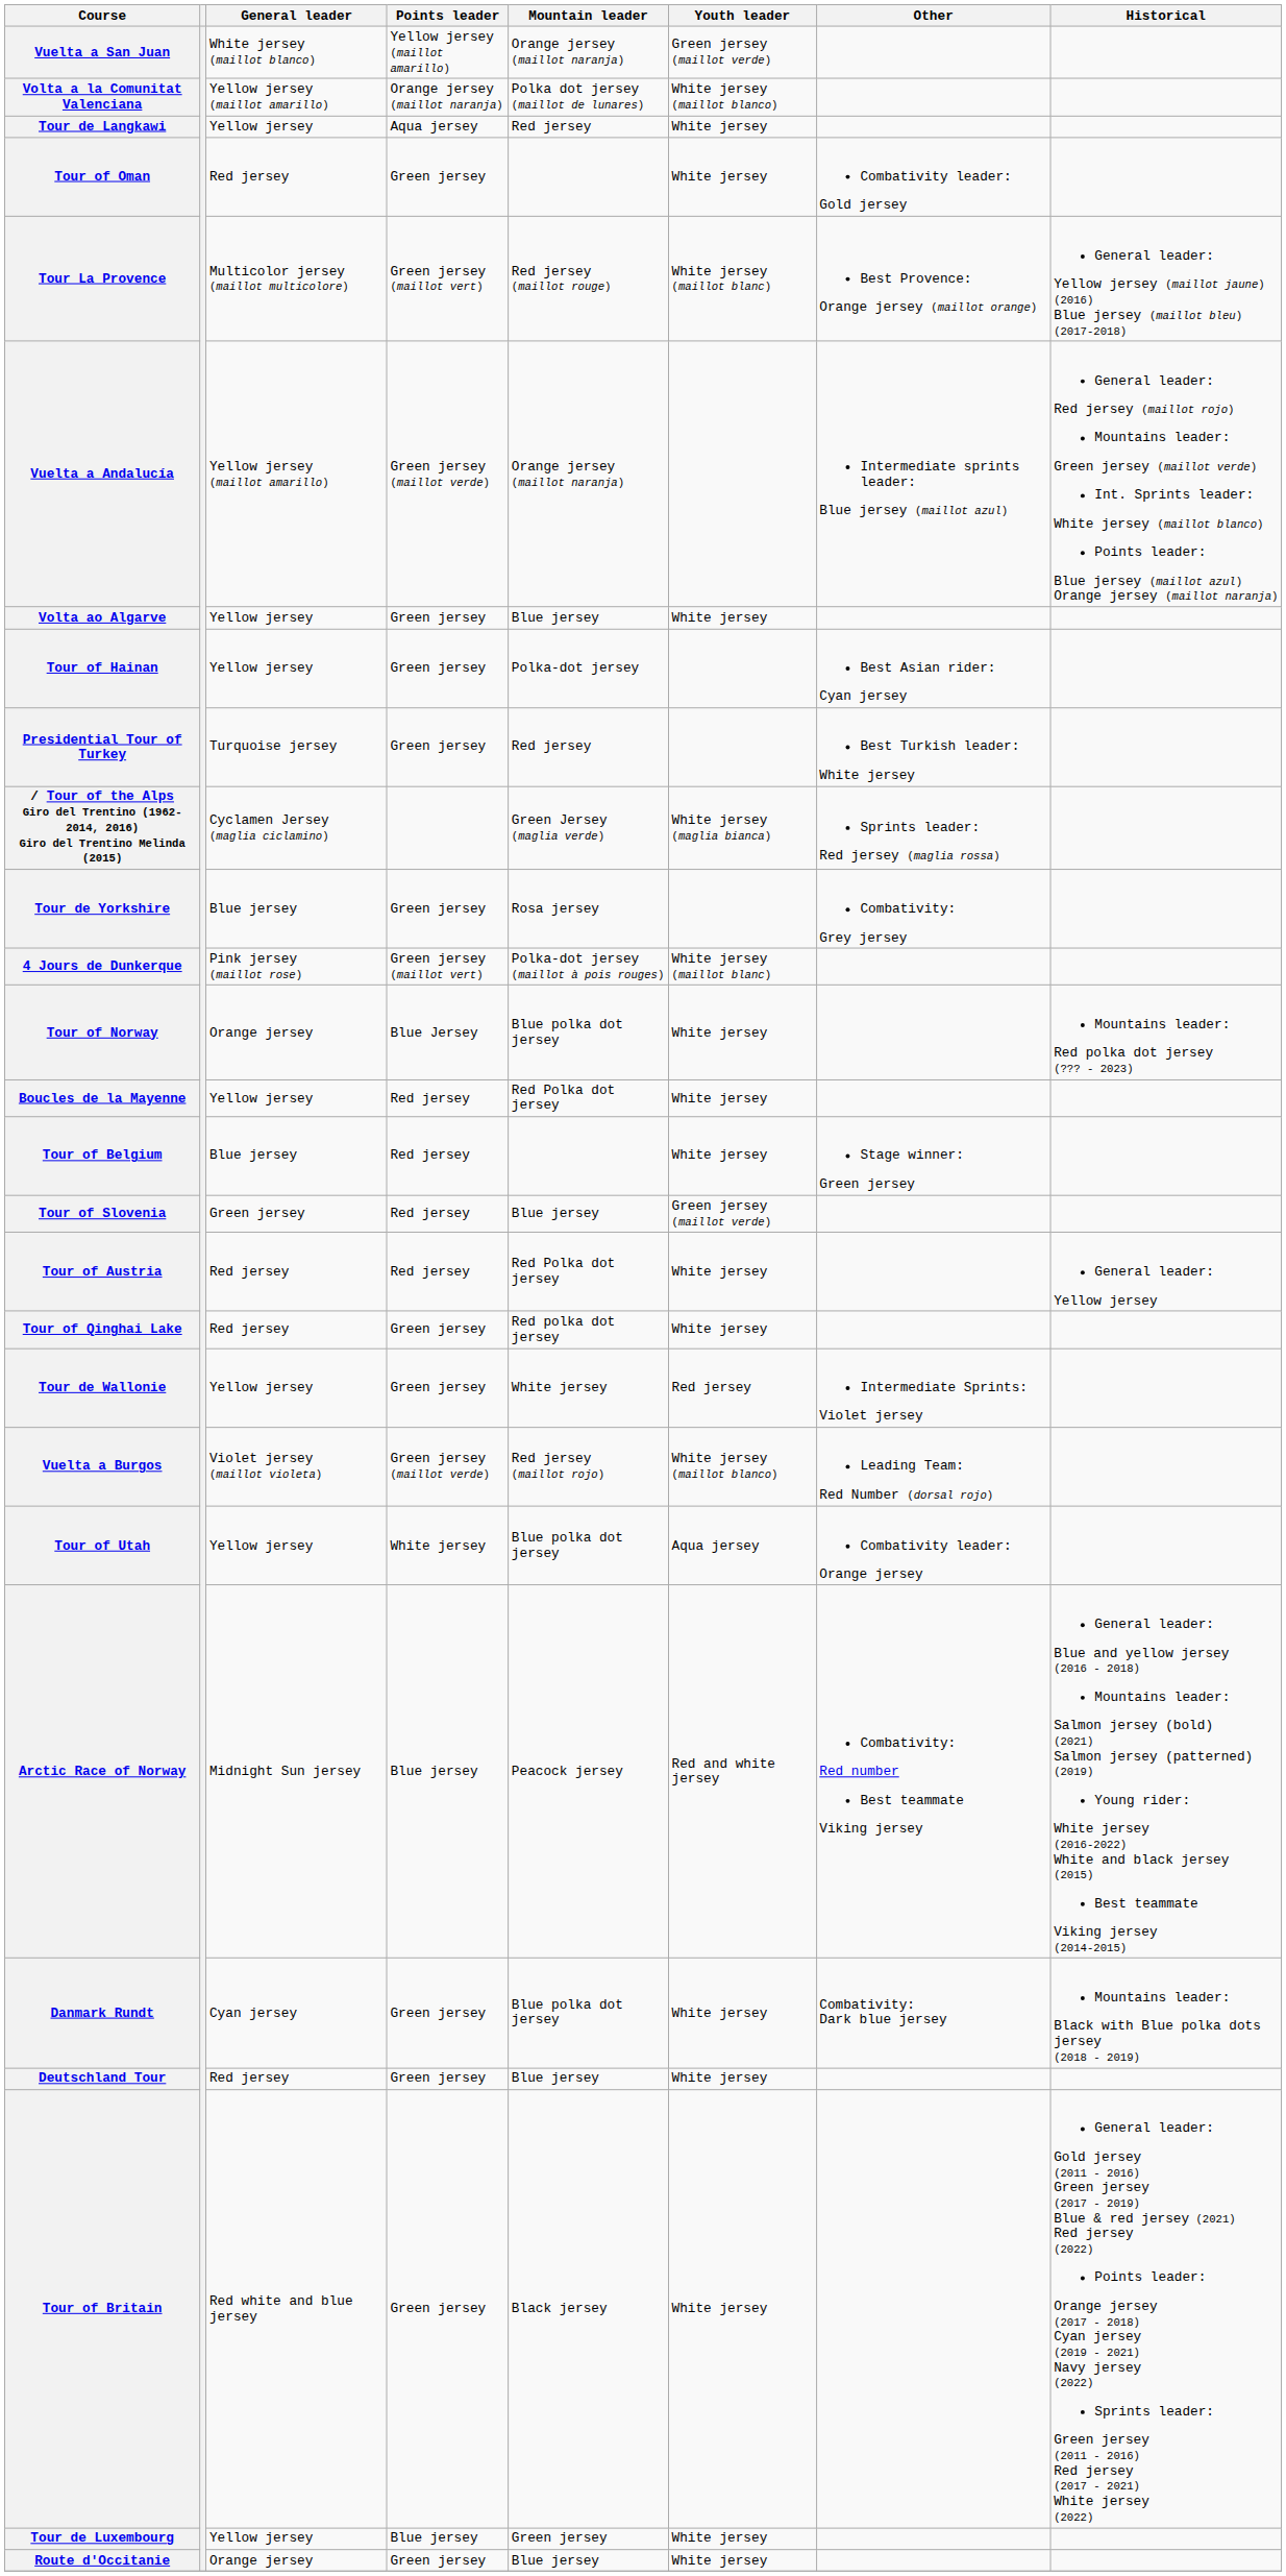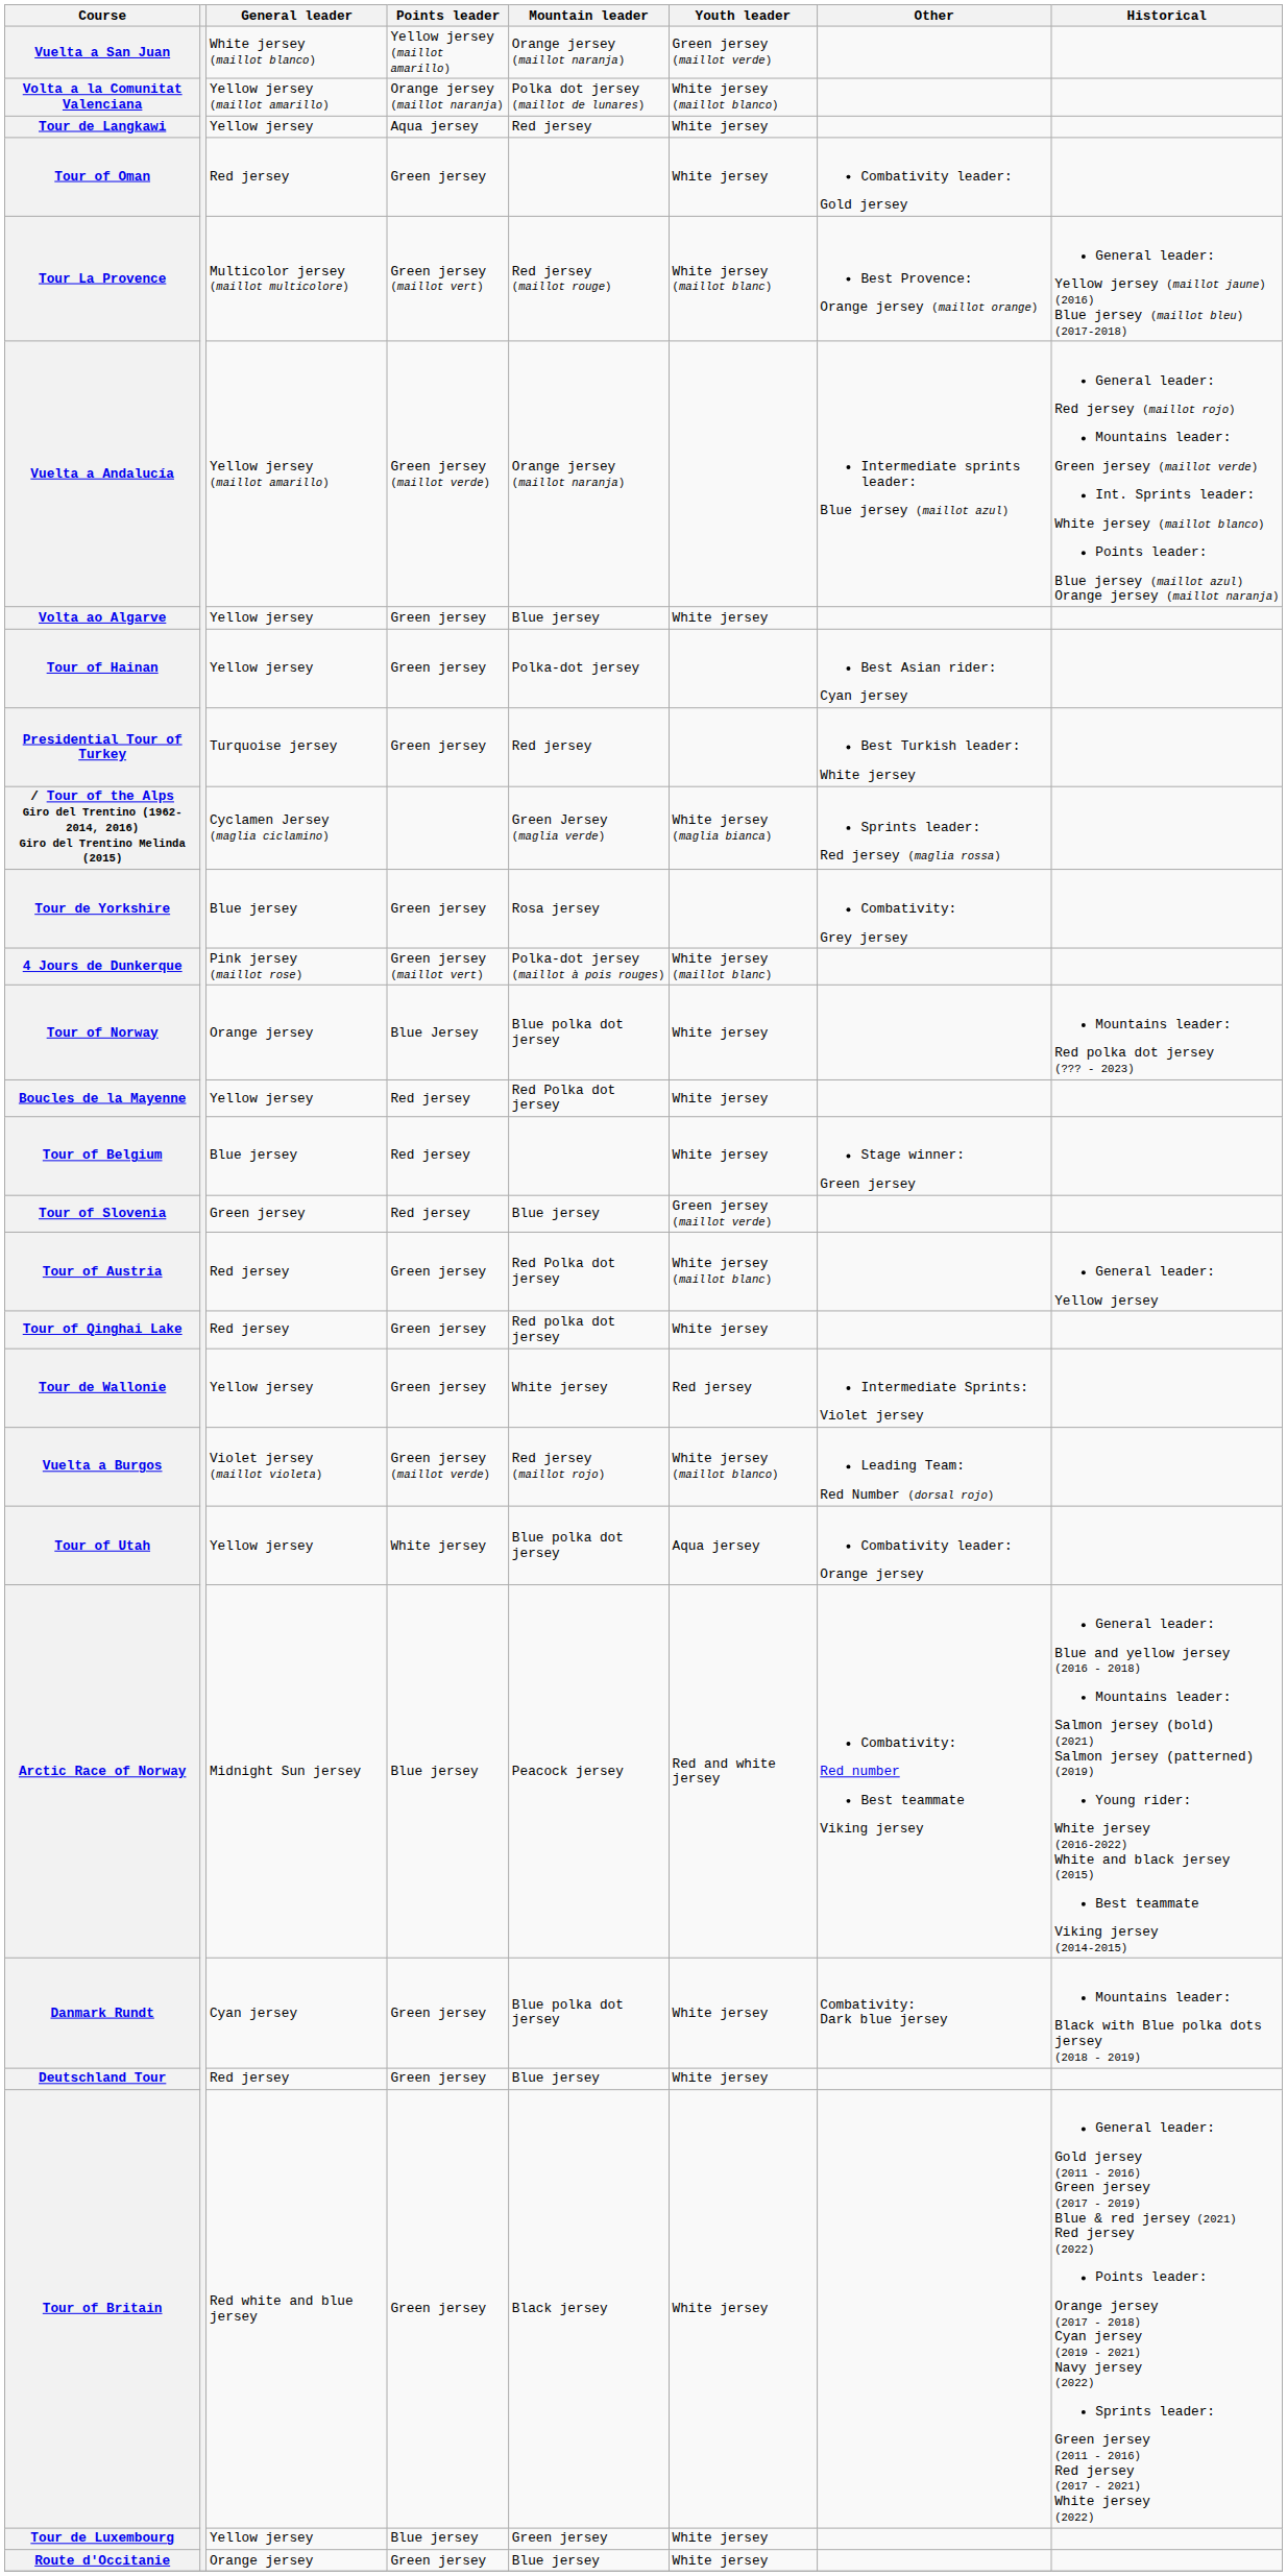 <table class="wikitable">
 <tr>
 <th width=185>Course</th>
 <th></th>
 <th>General leader</th>
 <th>Points leader</th>
 <th>Mountain leader</th>
 <th>Youth leader</th>
 <th>Other</th>
 <th>Historical</th>
 </tr>
 <tr>
 <th> <strong><a href='#'>Vuelta a San Juan</a></strong></th>
 <th rowspan=27></th>
 <td> <div>White jersey<br><small>(<em>maillot blanco</em>)</small></div></td>
 <td> <div>Yellow jersey<br><small>(<em>maillot amarillo</em>)</small></div></td>
 <td> <div>Orange jersey<br><small>(<em>maillot naranja</em>)</small></div></td>
 <td> <div>Green jersey<br><small>(<em>maillot verde</em>)</small></div></td>
 <td></td>
 <td></td>
 </tr>
 <tr>
 <th> <strong><a href='#'>Volta a la Comunitat Valenciana</a></strong></th>
 <td> <div>Yellow jersey<br><small>(<em>maillot amarillo</em>)</small></div></td>
 <td> <div>Orange jersey<br><small>(<em>maillot naranja</em>)</small></div></td>
 <td> <div>Polka dot jersey<br><small>(<em>maillot de lunares</em>)</small></div></td>
 <td> <div>White jersey<br><small>(<em>maillot blanco</em>)</small></div></td>
 <td></td>
 <td></td>
 </tr>
 <tr>
 <th> <strong><a href='#'>Tour de Langkawi</a></strong></th>
 <td> <div>Yellow jersey</div></td>
 <td> <div>Aqua jersey</div></td>
 <td> <div>Red jersey</div></td>
 <td> <div>White jersey</div></td>
 <td></td>
 <td></td>
 </tr>
 <tr>
 <th> <strong><a href='#'>Tour of Oman</a></strong></th>
 <td> <div>Red jersey</div></td>
 <td> <div>Green jersey</div></td>
 <td></td>
 <td> <div>White jersey</div></td>
 <td><br><ul><li>Combativity leader:</li></ul><div> Gold jersey</div></td>
 <td></td>
 </tr>
 <tr>
 <th> <strong><a href='#'>Tour La Provence</a></strong></th>
 <td> <div>Multicolor jersey<br><small>(<em>maillot multicolore</em>)</small></div></td>
 <td> <div>Green jersey <br><small>(<em>maillot vert</em>)</small></div></td>
 <td> <div>Red jersey<br><small>(<em>maillot rouge</em>)</small></div></td>
 <td> <div>White jersey<br><small>(<em>maillot blanc</em>)</small></div></td>
 <td><br><ul><li>Best Provence:</li></ul><div> Orange jersey <small>(<em>maillot orange</em>)</small></div></td>
 <td><br><ul><li>General leader:</li></ul><div> Yellow jersey <small>(<em>maillot jaune</em>) (2016)</small></div> <div> Blue jersey <small>(<em>maillot bleu</em>) (2017-2018)</small></div></td>
 </tr>
 <tr>
 <th> <strong><a href='#'>Vuelta a Andalucía</a></strong></th>
 <td> <div>Yellow jersey<br><small>(<em>maillot amarillo</em>)</small></div></td>
 <td> <div>Green jersey<br><small>(<em>maillot verde</em>)</small></div></td>
 <td> <div>Orange jersey<br><small>(<em>maillot naranja</em>)</small></div></td>
 <td></td>
 <td><br><ul><li>Intermediate sprints leader:</li></ul><div> Blue jersey <small>(<em>maillot azul</em>)</small></div></td>
 <td><br><ul><li>General leader:</li></ul><div> Red jersey <small>(<em>maillot rojo</em>)</small></div><ul><li>Mountains leader:</li></ul><div> Green jersey <small>(<em>maillot verde</em>)</small></div><ul><li>Int. Sprints leader:</li></ul><div> White jersey <small>(<em>maillot blanco</em>)</small></div><ul><li>Points leader:</li></ul><div> Blue jersey <small>(<em>maillot azul</em>)</small></div> <div> Orange jersey <small>(<em>maillot naranja</em>)</small></div></td>
 </tr>
 <tr>
 <th> <strong><a href='#'>Volta ao Algarve</a></strong></th>
 <td> <div>Yellow jersey</div></td>
 <td> <div>Green jersey</div></td>
 <td> <div>Blue jersey</div></td>
 <td> <div>White jersey</div></td>
 <td></td>
 <td></td>
 </tr>
 <tr>
 <th> <strong><a href='#'>Tour of Hainan</a></strong></th>
 <td> <div>Yellow jersey</div></td>
 <td> <div>Green jersey</div></td>
 <td> <div>Polka-dot jersey</div></td>
 <td></td>
 <td><br><ul><li>Best Asian rider:</li></ul><div> Cyan jersey</div></td>
 <td></td>
 </tr>
 <tr>
 <th> <strong><a href='#'>Presidential Tour of Turkey</a></strong></th>
 <td> <div>Turquoise jersey</div></td>
 <td> <div>Green jersey</div></td>
 <td> <div>Red jersey</div></td>
 <td></td>
 <td><br><ul><li>Best Turkish leader:</li></ul><div> White jersey</div></td>
 <td></td>
 </tr>
 <tr>
 <th> /  <strong><a href='#'>Tour of the Alps</a></strong><br><small>Giro del Trentino (1962-2014, 2016)</small><br><small>Giro del Trentino Melinda (2015)</small></th>
 <td> <div>Cyclamen Jersey<br><small>(<em>maglia ciclamino</em>)</small></div></td>
 <td></td>
 <td> <div>Green Jersey<br><small>(<em>maglia verde</em>)</small></div></td>
 <td> <div>White jersey <br><small>(<em>maglia bianca</em>)</small></div></td>
 <td><br><ul><li>Sprints leader:</li></ul><div> Red jersey <small>(<em>maglia rossa</em>)</small></div></td>
 <td></td>
 </tr>
 <tr>
 <th> <strong><a href='#'>Tour de Yorkshire</a></strong></th>
 <td> <div>Blue jersey</div></td>
 <td> <div>Green jersey</div></td>
 <td> <div>Rosa jersey</div></td>
 <td></td>
 <td><br><ul><li>Combativity:</li></ul><div> Grey jersey</div></td>
 <td></td>
 </tr>
 <tr>
 <th> <strong><a href='#'>4 Jours de Dunkerque</a></strong></th>
 <td> <div>Pink jersey <br><small>(<em>maillot rose</em>)</small></div></td>
 <td> <div>Green jersey <br><small>(<em>maillot vert</em>)</small></div></td>
 <td> <div>Polka-dot jersey <br><small>(<em>maillot à pois rouges</em>)</small></div></td>
 <td> <div>White jersey<br><small>(<em>maillot blanc</em>)</small></div></td>
 <td></td>
 <td></td>
 </tr>
 <tr>
 <th> <strong><a href='#'>Tour of Norway</a></strong></th>
 <td> <div>Orange jersey</div></td>
 <td> <div>Blue Jersey</div></td>
 <td> <div>Blue polka dot jersey </div></td>
 <td> <div>White jersey</div></td>
 <td></td>
 <td><br><ul><li>Mountains leader:</li></ul><div> Red polka dot jersey </div> <small>(??? - 2023)</small></td>
 </tr>
 <tr>
 <th> <strong><a href='#'>Boucles de la Mayenne</a></strong></th>
 <td> <div>Yellow jersey</div></td>
 <td> <div>Red jersey</div></td>
 <td> <div>Red Polka dot jersey </div></td>
 <td> <div>White jersey</div></td>
 <td></td>
 <td></td>
 </tr>
 <tr>
 <th> <strong><a href='#'>Tour of Belgium</a></strong></th>
 <td> <div>Blue jersey</div></td>
 <td> <div>Red jersey</div></td>
 <td></td>
 <td> <div>White jersey</div></td>
 <td><br><ul><li>Stage winner:</li></ul><div> Green jersey</div></td>
 <td></td>
 </tr>
 <tr>
 <th> <strong><a href='#'>Tour of Slovenia</a></strong></th>
 <td> <div>Green jersey</div></td>
 <td> <div>Red jersey</div></td>
 <td> <div>Blue jersey</div></td>
 <td> <div>Green jersey<br><small>(<em>maillot verde</em>)</small></div></td>
 <td></td>
 <td></td>
 </tr>
 <tr>
 <th> <strong><a href='#'>Tour of Austria</a></strong></th>
 <td> <div>Red jersey</div></td>
-<td> <div>Red jersey</div></td>
+<td> <div>Green jersey</div></td>
 <td> <div>Red Polka dot jersey </div></td>
-<td> <div>White jersey</div></td>
+<td> <div>White jersey<br><small>(<em>maillot blanc</em>)</small></div></td>
 <td></td>
 <td><br><ul><li>General leader:</li></ul><div> Yellow jersey</div></td>
 </tr>
 <tr>
 <th> <strong><a href='#'>Tour of Qinghai Lake</a></strong></th>
 <td> <div>Red jersey</div></td>
 <td> <div>Green jersey</div></td>
 <td> <div>Red polka dot jersey </div></td>
 <td> <div>White jersey</div></td>
 <td></td>
 <td></td>
 </tr>
 <tr>
 <th> <strong><a href='#'>Tour de Wallonie</a></strong></th>
 <td> <div>Yellow jersey</div></td>
 <td> <div>Green jersey</div></td>
 <td> <div>White jersey</div></td>
 <td> <div>Red jersey</div></td>
 <td><br><ul><li>Intermediate Sprints:</li></ul><div> Violet jersey</div></td>
 <td></td>
 </tr>
 <tr>
 <th> <strong><a href='#'>Vuelta a Burgos</a></strong></th>
 <td> <div>Violet jersey<br><small>(<em>maillot violeta</em>)</small></div></td>
 <td> <div>Green jersey<br><small>(<em>maillot verde</em>)</small></div></td>
 <td> <div>Red jersey<br><small>(<em>maillot rojo</em>)</small></div></td>
 <td> <div>White jersey<br><small>(<em>maillot blanco</em>)</small></div></td>
 <td><br><ul><li>Leading Team:</li></ul><div> Red Number <small>(<em>dorsal rojo</em>)</small></div></td>
 <td></td>
 </tr>
 <tr>
 <th> <strong><a href='#'>Tour of Utah</a></strong></th>
 <td> <div>Yellow jersey</div></td>
 <td> <div>White jersey</div></td>
 <td> <div>Blue polka dot jersey</div></td>
 <td> <div>Aqua jersey</div></td>
 <td><br><ul><li>Combativity leader:</li></ul><div> Orange jersey</div></td>
 <td></td>
 </tr>
 <tr>
 <th> <strong><a href='#'>Arctic Race of Norway</a></strong></th>
 <td> <div>Midnight Sun jersey</div></td>
 <td> <div>Blue jersey</div></td>
 <td> <div>Peacock jersey</div></td>
 <td> <div>Red and white jersey</div></td>
 <td><br><ul><li>Combativity:</li></ul><div> <a href='#'>Red number</a></div><ul><li>Best teammate</li></ul><div> Viking jersey </div></td>
 <td><br><ul><li>General leader:</li></ul><div> Blue and yellow jersey </div> <small>(2016 - 2018)</small><ul><li>Mountains leader:</li></ul><div> Salmon jersey (bold)</div> <small>(2021)</small> <div> Salmon jersey (patterned) </div><small>(2019)</small><ul><li>Young rider:</li></ul><div> White jersey </div><small>(2016-2022)</small> <div> White and black jersey </div> <small>(2015)</small><ul><li>Best teammate</li></ul><div> Viking jersey </div><small>(2014-2015)</small></td>
 </tr>
 <tr>
 <th> <strong><a href='#'>Danmark Rundt</a></strong></th>
 <td> <div>Cyan jersey</div></td>
 <td> <div>Green jersey</div></td>
 <td> <div>Blue polka dot jersey</div></td>
 <td> <div>White jersey</div></td>
 <td>Combativity:  <div>Dark blue jersey</div></td>
 <td><br><ul><li>Mountains leader:</li></ul><div> Black with Blue polka dots jersey </div> <small>(2018 - 2019)</small></td>
 </tr>
 <tr>
 <th> <strong><a href='#'>Deutschland Tour</a></strong></th>
 <td> <div>Red jersey</div></td>
 <td> <div>Green jersey</div></td>
 <td> <div>Blue jersey</div></td>
 <td> <div>White jersey</div></td>
 <td></td>
 <td></td>
 </tr>
 <tr>
 <th> <strong><a href='#'>Tour of Britain</a></strong></th>
 <td> <div>Red white and blue jersey</div></td>
 <td> <div>Green jersey</div></td>
 <td> <div>Black jersey</div></td>
 <td> <div>White jersey</div></td>
 <td><br></td>
 <td><br><ul><li>General leader:</li></ul><div> Gold jersey</div><small>(2011 - 2016)</small> <div> Green jersey</div><small>(2017 - 2019)</small> <div> Blue & red jersey<small> (2021)</small></div> <div> Red jersey</div><small>(2022)</small><ul><li>Points leader:</li></ul><div> Orange jersey</div><small>(2017 - 2018)</small> <div> Cyan jersey</div><small>(2019 - 2021)</small> <div> Navy jersey</div><small>(2022)</small><ul><li>Sprints leader:</li></ul><div> Green jersey</div><small>(2011 - 2016)</small> <div> Red jersey</div><small>(2017 - 2021)</small> <div> White jersey</div><small>(2022)</small></td>
 </tr>
 <tr>
 <th> <strong><a href='#'>Tour de Luxembourg</a></strong></th>
 <td> <div>Yellow jersey</div></td>
 <td> <div>Blue jersey</div></td>
 <td> <div>Green jersey</div></td>
 <td> <div>White jersey</div></td>
 <td></td>
 <td></td>
 </tr>
 <tr>
 <th> <strong><a href='#'>Route d'Occitanie</a></strong></th>
 <td> <div>Orange jersey</div></td>
 <td> <div>Green jersey</div></td>
 <td> <div>Blue jersey</div></td>
 <td> <div>White jersey</div></td>
 <td></td>
 <td></td>
 </tr>
 <tr>
 </tr>
 </table>
